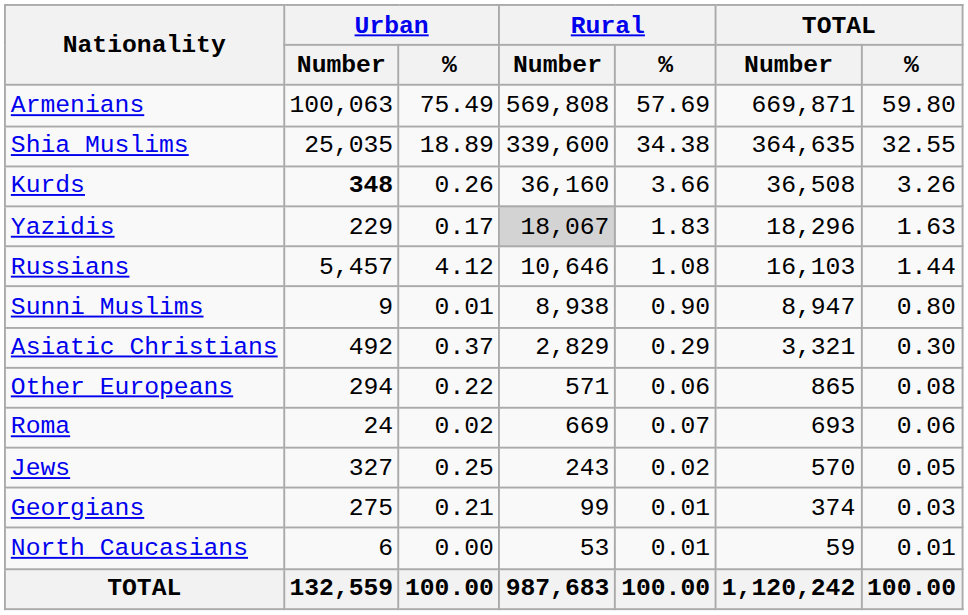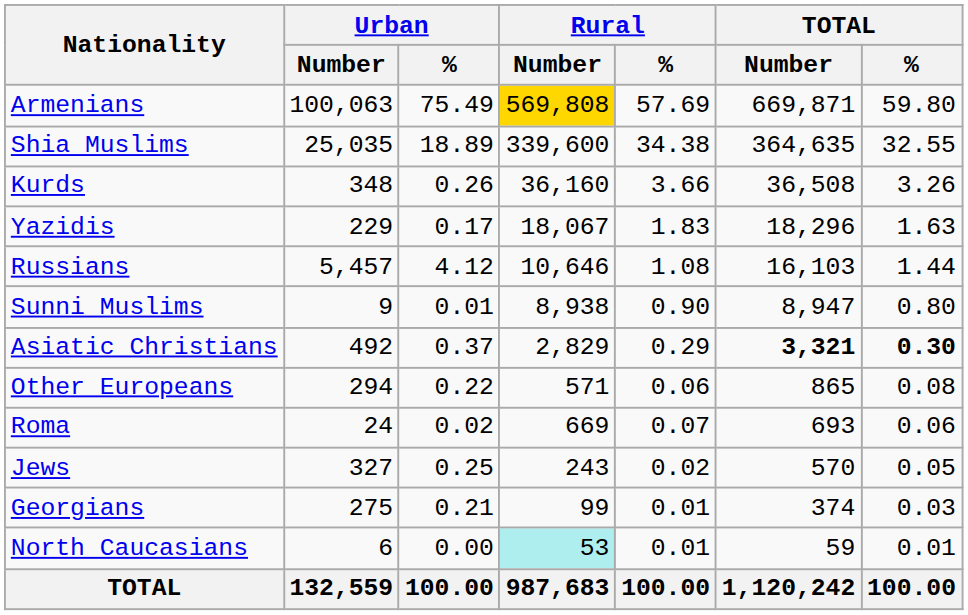 <table class="wikitable sortable">
 <tr>
 <th rowspan="2">Nationality</th>
 <th colspan="2"><a href='#'>Urban</a></th>
 <th colspan="2"><a href='#'>Rural</a></th>
 <th colspan="2">TOTAL</th>
 </tr>
 <tr>
 <th>Number</th>
 <th>%</th>
 <th>Number</th>
 <th>%</th>
 <th>Number</th>
 <th>%</th>
 </tr>
 <tr>
 <td><a href='#'>Armenians</a></td>
 <td align="right">100,063</td>
 <td align="right">75.49</td>
-<td align="right">569,808</td>
+<td align="right" style="background: gold;">569,808</td>
 <td align="right">57.69</td>
 <td align="right">669,871</td>
 <td align="right">59.80</td>
 </tr>
 <tr>
 <td><a href='#'>Shia Muslims</a></td>
 <td align="right">25,035</td>
 <td align="right">18.89</td>
 <td align="right">339,600</td>
 <td align="right">34.38</td>
 <td align="right">364,635</td>
 <td align="right">32.55</td>
 </tr>
 <tr>
 <td><a href='#'>Kurds</a></td>
-<td align="right"><strong>348</strong></td>
+<td align="right">348</td>
 <td align="right">0.26</td>
 <td align="right">36,160</td>
 <td align="right">3.66</td>
 <td align="right">36,508</td>
 <td align="right">3.26</td>
 </tr>
 <tr>
 <td><a href='#'>Yazidis</a></td>
 <td align="right">229</td>
 <td align="right">0.17</td>
-<td align="right" style="background: lightgrey;">18,067</td>
+<td align="right">18,067</td>
 <td align="right">1.83</td>
 <td align="right">18,296</td>
 <td align="right">1.63</td>
 </tr>
 <tr>
 <td><a href='#'>Russians</a></td>
 <td align="right">5,457</td>
 <td align="right">4.12</td>
 <td align="right">10,646</td>
 <td align="right">1.08</td>
 <td align="right">16,103</td>
 <td align="right">1.44</td>
 </tr>
 <tr>
 <td><a href='#'>Sunni Muslims</a></td>
 <td align="right">9</td>
 <td align="right">0.01</td>
 <td align="right">8,938</td>
 <td align="right">0.90</td>
 <td align="right">8,947</td>
 <td align="right">0.80</td>
 </tr>
 <tr>
 <td><a href='#'>Asiatic Christians</a></td>
 <td align="right">492</td>
 <td align="right">0.37</td>
 <td align="right">2,829</td>
 <td align="right">0.29</td>
-<td align="right">3,321</td>
-<td align="right">0.30</td>
+<td align="right"><strong>3,321</strong></td>
+<td align="right"><strong>0.30</strong></td>
 </tr>
 <tr>
 <td><a href='#'>Other Europeans</a></td>
 <td align="right">294</td>
 <td align="right">0.22</td>
 <td align="right">571</td>
 <td align="right">0.06</td>
 <td align="right">865</td>
 <td align="right">0.08</td>
 </tr>
 <tr>
 <td><a href='#'>Roma</a></td>
 <td align="right">24</td>
 <td align="right">0.02</td>
 <td align="right">669</td>
 <td align="right">0.07</td>
 <td align="right">693</td>
 <td align="right">0.06</td>
 </tr>
 <tr>
 <td><a href='#'>Jews</a></td>
 <td align="right">327</td>
 <td align="right">0.25</td>
 <td align="right">243</td>
 <td align="right">0.02</td>
 <td align="right">570</td>
 <td align="right">0.05</td>
 </tr>
 <tr>
 <td><a href='#'>Georgians</a></td>
 <td align="right">275</td>
 <td align="right">0.21</td>
 <td align="right">99</td>
 <td align="right">0.01</td>
 <td align="right">374</td>
 <td align="right">0.03</td>
 </tr>
 <tr>
 <td><a href='#'>North Caucasians</a></td>
 <td align="right">6</td>
 <td align="right">0.00</td>
-<td align="right">53</td>
+<td align="right" style="background: paleturquoise;">53</td>
 <td align="right">0.01</td>
 <td align="right">59</td>
 <td align="right">0.01</td>
 </tr>
 <tr>
 <th>TOTAL</th>
 <th>132,559</th>
 <th>100.00</th>
 <th>987,683</th>
 <th>100.00</th>
 <th>1,120,242</th>
 <th>100.00</th>
 </tr>
 </table>
